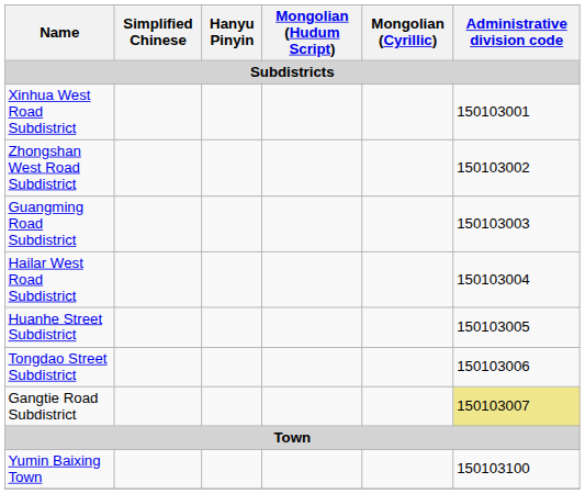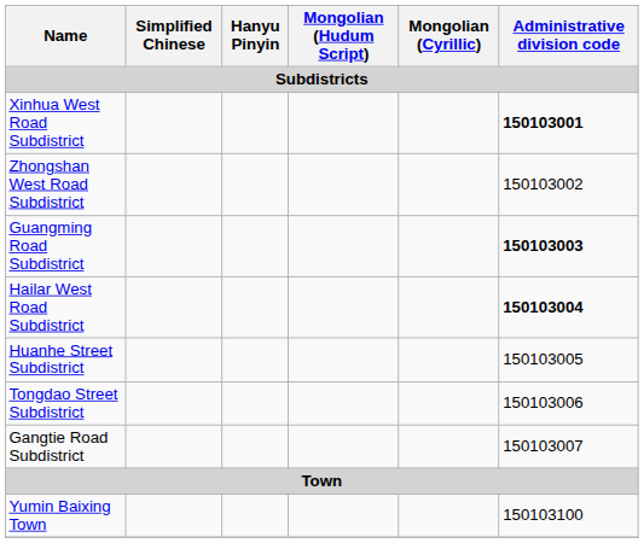 <table class="wikitable" align="center" style="width:50%; border="1">
 <tr>
 <th>Name</th>
 <th>Simplified Chinese</th>
 <th>Hanyu Pinyin</th>
 <th><a href='#'>Mongolian</a> (<a href='#'>Hudum Script</a>)</th>
 <th>Mongolian (<a href='#'>Cyrillic</a>)</th>
 <th><a href='#'>Administrative division code</a></th>
 </tr>
 <tr>
 <td colspan="6"  style="text-align:center; background:#d3d3d3;"><strong>Subdistricts</strong></td>
 </tr>
 <tr --------->
 <td><a href='#'>Xinhua West Road Subdistrict</a></td>
 <td></td>
 <td></td>
 <td></td>
 <td></td>
-<td>150103001</td>
+<td><strong>150103001</strong></td>
 </tr>
 <tr>
 <td><a href='#'>Zhongshan West Road Subdistrict</a></td>
 <td></td>
 <td></td>
 <td></td>
 <td></td>
 <td>150103002</td>
 </tr>
 <tr>
 <td><a href='#'>Guangming Road Subdistrict</a></td>
 <td></td>
 <td></td>
 <td></td>
 <td></td>
-<td>150103003</td>
+<td><strong>150103003</strong></td>
 </tr>
 <tr>
 <td><a href='#'>Hailar West Road Subdistrict</a></td>
 <td></td>
 <td></td>
 <td></td>
 <td></td>
-<td>150103004</td>
+<td><strong>150103004</strong></td>
 </tr>
 <tr>
 <td><a href='#'>Huanhe Street Subdistrict</a></td>
 <td></td>
 <td></td>
 <td></td>
 <td></td>
 <td>150103005</td>
 </tr>
 <tr>
 <td><a href='#'>Tongdao Street Subdistrict</a></td>
 <td></td>
 <td></td>
 <td></td>
 <td></td>
 <td>150103006</td>
 </tr>
 <tr>
 <td>Gangtie Road Subdistrict</td>
 <td></td>
 <td></td>
 <td></td>
 <td></td>
-<td style="background: khaki;">150103007</td>
+<td>150103007</td>
 </tr>
 <tr>
 <td colspan="6"  style="text-align:center; background:#d3d3d3;"><strong>Town</strong></td>
 </tr>
 <tr --------->
 <td><a href='#'>Yumin Baixing Town</a></td>
 <td></td>
 <td></td>
 <td></td>
 <td></td>
 <td>150103100</td>
 </tr>
 <tr>
 </tr>
 </table>
